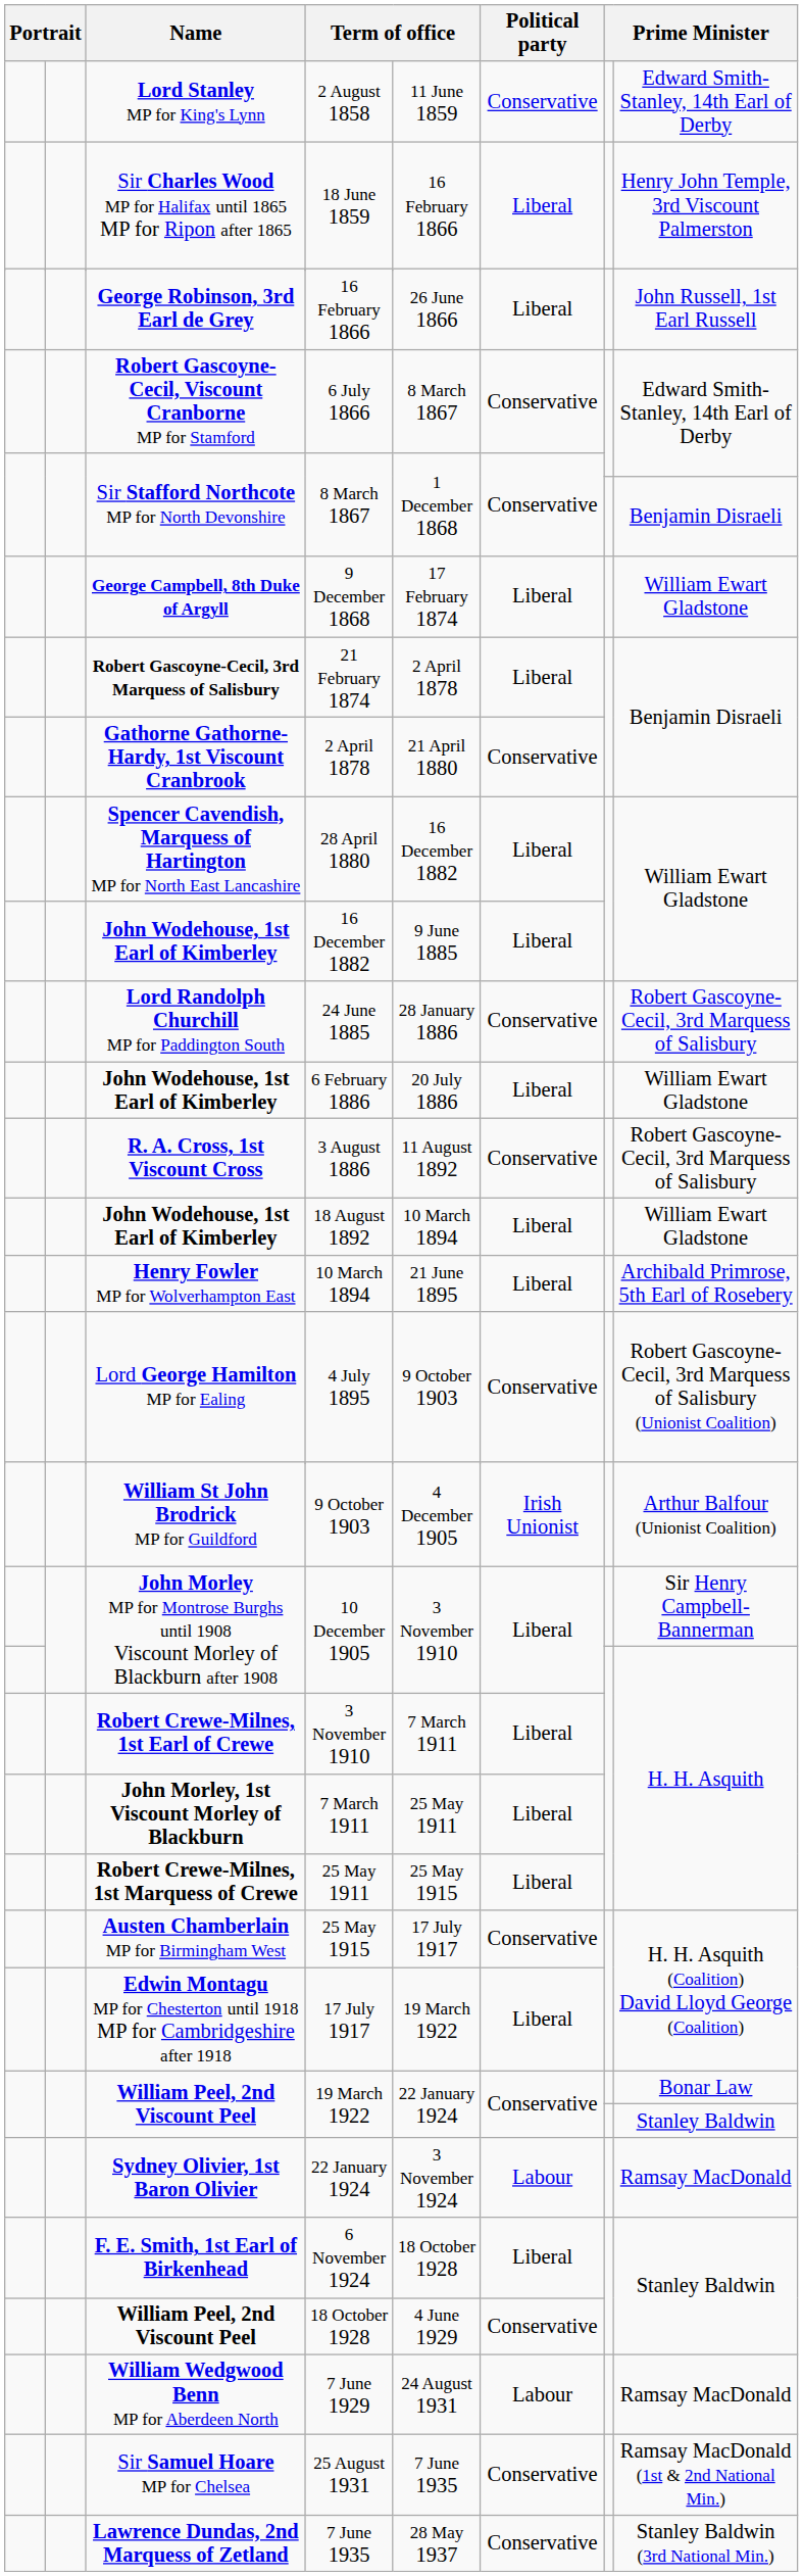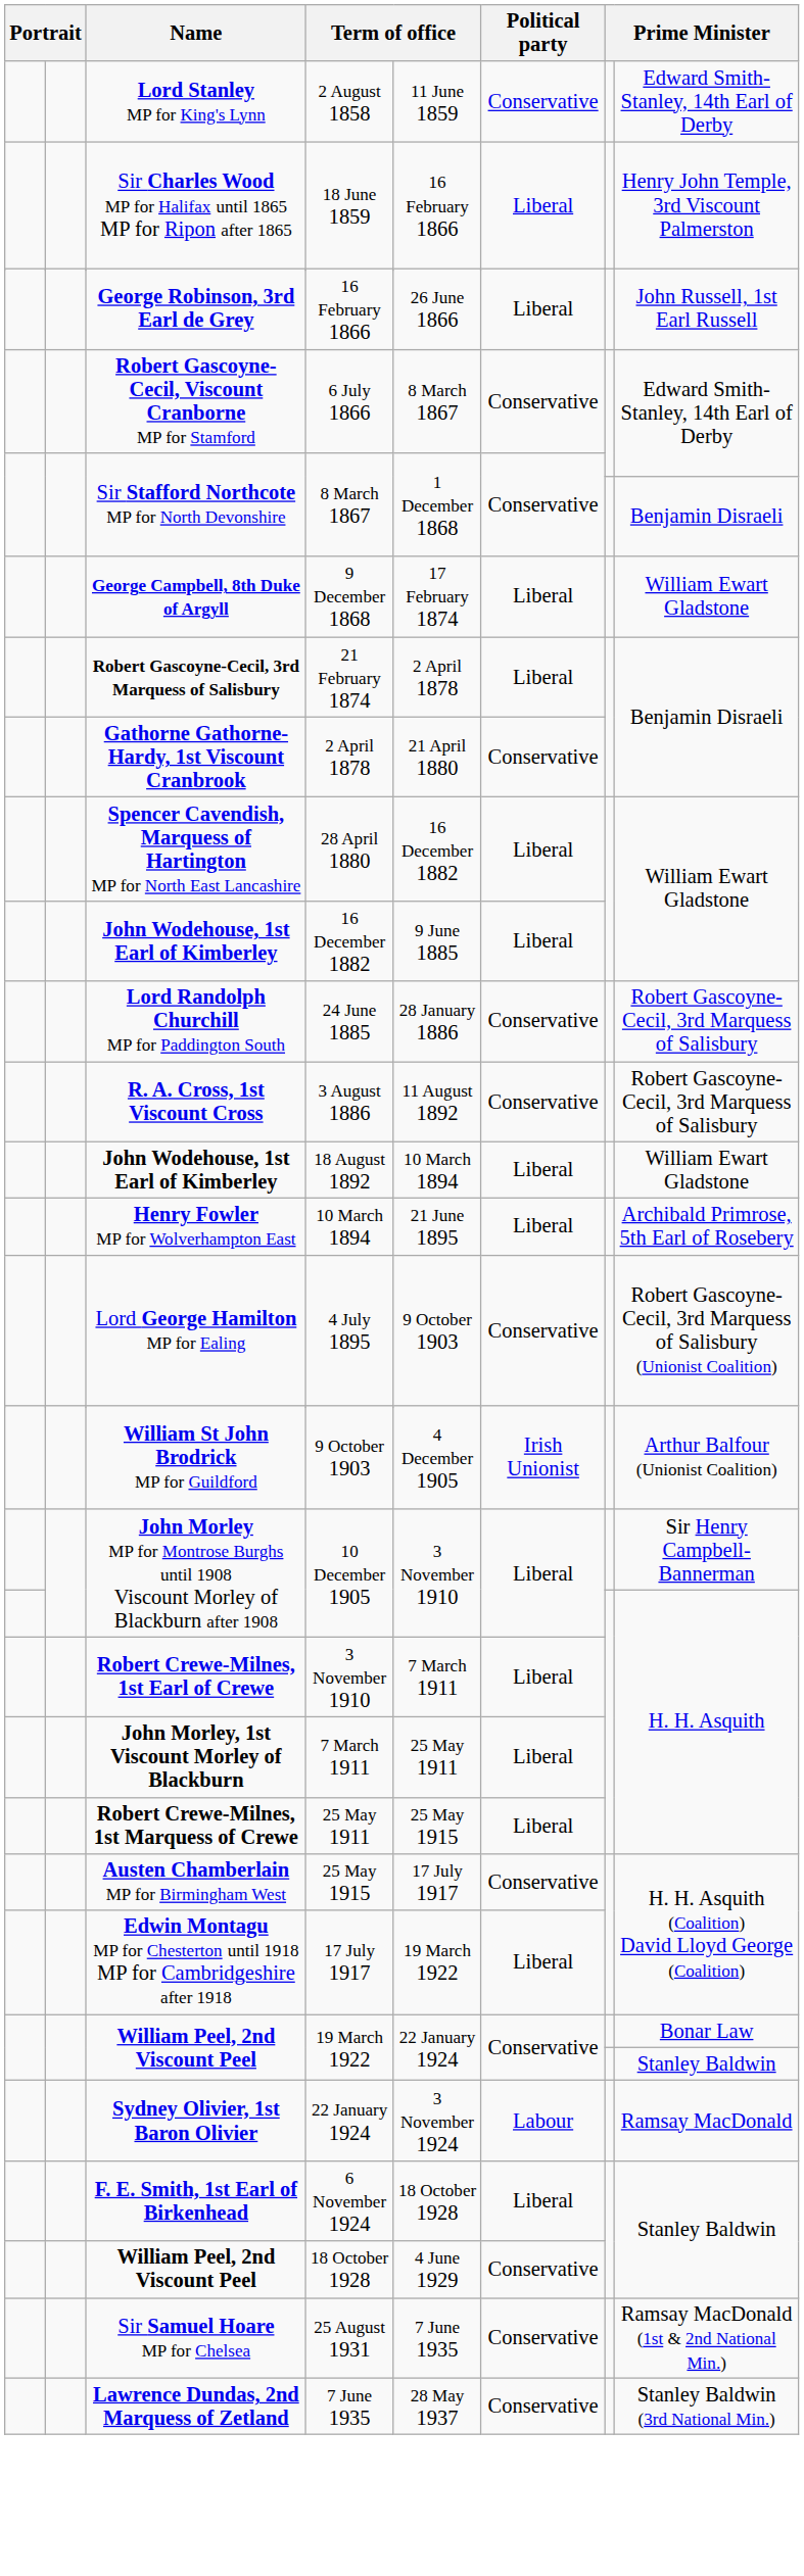 <table class="wikitable" style="text-align:center">
 <tr>
 <th colspan=2>Portrait</th>
 <th>Name</th>
 <th colspan=2>Term of office</th>
 <th>Political party</th>
 <th colspan=2>Prime Minister</th>
 </tr>
 <tr>
 <td style="background-color: "></td>
 <td></td>
 <td><a href='#'><strong>Lord Stanley</strong></a><br><small>MP for <a href='#'>King's Lynn</a></small></td>
 <td><small>2 August</small><br>1858</td>
 <td><small>11 June</small><br>1859</td>
 <td><a href='#'>Conservative</a></td>
 <td style="background-color: "></td>
 <td><a href='#'>Edward Smith-Stanley, 14th Earl of Derby</a></td>
 </tr>
 <tr>
 <td rowspan=2 style="background-color: "></td>
 <td rowspan=2></td>
 <td rowspan=2><a href='#'>Sir <strong>Charles Wood</strong></a><br><small>MP for <a href='#'>Halifax</a></small> <small>until 1865</small><br>MP for <a href='#'>Ripon</a> <small>after 1865</small></td>
 <td rowspan=2><small>18 June</small><br>1859</td>
 <td rowspan=2><small>16 February</small><br>1866</td>
 <td rowspan=2><a href='#'>Liberal</a></td>
 <td style="background-color: "></td>
 <td> <br><a href='#'>Henry John Temple, 3rd Viscount Palmerston</a><br> </td>
 </tr>
 <tr>
 <td rowspan=2 style="background-color: "></td>
 <td rowspan=2><a href='#'>John Russell, 1st Earl Russell</a></td>
 </tr>
 <tr>
 <td style="background-color: "></td>
 <td></td>
 <td><strong><a href='#'>George Robinson, 3rd Earl de Grey</a></strong></td>
 <td><small>16 February</small><br>1866</td>
 <td><small>26 June</small><br>1866</td>
 <td>Liberal</td>
 </tr>
 <tr>
 <td style="background-color: "></td>
 <td></td>
 <td><a href='#'><strong>Robert Gascoyne-Cecil, Viscount Cranborne</strong></a><br><small>MP for <a href='#'>Stamford</a></small></td>
 <td><small>6 July</small><br>1866</td>
 <td><small>8 March</small><br>1867</td>
 <td>Conservative</td>
 <td rowspan=2 style="background-color: "></td>
 <td rowspan=2> <br>Edward Smith-Stanley, 14th Earl of Derby<br> </td>
 </tr>
 <tr>
 <td rowspan=2 style="background-color: "></td>
 <td rowspan=2></td>
 <td rowspan=2><a href='#'>Sir <strong>Stafford Northcote</strong></a><br><small>MP for <a href='#'>North Devonshire</a></small></td>
 <td rowspan=2><small>8 March</small><br>1867</td>
 <td rowspan=2><small>1 December</small><br>1868</td>
 <td rowspan=2>Conservative</td>
 </tr>
 <tr>
 <td style="background-color: "></td>
 <td> <br><a href='#'>Benjamin Disraeli</a><br> </td>
 </tr>
 <tr>
 <td style="background-color: "></td>
 <td></td>
 <td><small><strong><a href='#'>George Campbell, 8th Duke of Argyll</a></strong></small></td>
 <td><small>9 December</small><br>1868</td>
 <td><small>17 February</small><br>1874</td>
 <td>Liberal</td>
 <td style="background-color: "></td>
 <td><a href='#'>William Ewart Gladstone</a></td>
 </tr>
 <tr>
 <td style="background-color: "></td>
 <td></td>
 <td><small><strong>Robert Gascoyne-Cecil, 3rd Marquess of Salisbury</strong></small></td>
 <td><small>21 February</small><br>1874</td>
 <td><small>2 April</small><br>1878</td>
 <td>Liberal</td>
 <td rowspan=2 style="background-color: "></td>
 <td rowspan=2>Benjamin Disraeli</td>
 </tr>
 <tr>
 <td style="background-color: "></td>
 <td></td>
 <td><a href='#'><strong>Gathorne Gathorne-Hardy, 1st Viscount Cranbrook</strong></a><br></td>
 <td><small>2 April</small><br>1878</td>
 <td><small>21 April</small><br>1880</td>
 <td>Conservative</td>
 </tr>
 <tr>
 <td style="background-color: "></td>
 <td></td>
 <td><a href='#'><strong>Spencer Cavendish, Marquess of Hartington</strong></a><br><small>MP for <a href='#'>North East Lancashire</a></small></td>
 <td><small>28 April</small><br>1880</td>
 <td><small>16 December</small><br>1882</td>
 <td>Liberal</td>
 <td rowspan=2 style="background-color: "></td>
 <td rowspan=2>William Ewart Gladstone</td>
 </tr>
 <tr>
 <td style="background-color: "></td>
 <td></td>
 <td><strong><a href='#'>John Wodehouse, 1st Earl of Kimberley</a></strong></td>
 <td><small>16 December</small><br>1882</td>
 <td><small>9 June</small><br>1885</td>
 <td>Liberal</td>
 </tr>
 <tr>
 <td style="background-color: "></td>
 <td></td>
 <td><strong><a href='#'>Lord Randolph Churchill</a></strong><br><small>MP for <a href='#'>Paddington South</a></small></td>
 <td><small>24 June</small><br>1885</td>
 <td><small>28 January</small><br>1886</td>
 <td>Conservative</td>
 <td style="background-color: "></td>
 <td><a href='#'>Robert Gascoyne-Cecil, 3rd Marquess of Salisbury</a></td>
-</tr>
-<tr>
-<td style="background-color: "></td>
-<td></td>
-<td><strong>John Wodehouse, 1st Earl of Kimberley</strong></td>
-<td><small>6 February</small><br>1886</td>
-<td><small>20 July</small><br>1886</td>
-<td>Liberal</td>
-<td style="background-color: "></td>
-<td>William Ewart Gladstone</td>
 </tr>
 <tr>
 <td style="background-color: "></td>
 <td></td>
 <td><strong><a href='#'>R. A. Cross, 1st Viscount Cross</a></strong></td>
 <td><small>3 August</small><br>1886</td>
 <td><small>11 August</small><br>1892</td>
 <td>Conservative</td>
 <td style="background-color: "></td>
 <td>Robert Gascoyne-Cecil, 3rd Marquess of Salisbury</td>
 </tr>
 <tr>
 <td style="background-color: "></td>
 <td></td>
 <td><strong>John Wodehouse, 1st Earl of Kimberley</strong></td>
 <td><small>18 August</small><br>1892</td>
 <td><small>10 March</small><br>1894</td>
 <td>Liberal</td>
 <td style="background-color: "></td>
 <td>William Ewart Gladstone</td>
 </tr>
 <tr>
 <td style="background-color: "></td>
 <td></td>
 <td><a href='#'><strong>Henry Fowler</strong></a><br><small>MP for <a href='#'>Wolverhampton East</a></small></td>
 <td><small>10 March</small><br>1894</td>
 <td><small>21 June</small><br>1895</td>
 <td>Liberal</td>
 <td style="background-color: "></td>
 <td><a href='#'>Archibald Primrose, 5th Earl of Rosebery</a></td>
 </tr>
 <tr>
 <td rowspan=2 style="background-color: "></td>
 <td rowspan=2></td>
 <td rowspan=2><a href='#'>Lord <strong>George Hamilton</strong></a><br><small>MP for <a href='#'>Ealing</a></small></td>
 <td rowspan=2><small>4 July</small><br>1895</td>
 <td rowspan=2><small>9 October</small><br>1903</td>
 <td rowspan=2>Conservative</td>
 <td style="background-color: "></td>
 <td> <br>Robert Gascoyne-Cecil, 3rd Marquess of Salisbury<br><small>(<a href='#'>Unionist Coalition</a>)</small><br> </td>
 </tr>
 <tr>
 <td rowspan=2 style="background-color: "></td>
 <td rowspan=2> <br><a href='#'>Arthur Balfour</a><br><small>(Unionist Coalition)</small><br> </td>
 </tr>
 <tr>
 <td style="background-color: "></td>
 <td></td>
 <td><a href='#'><strong>William St John Brodrick</strong></a><br><small>MP for <a href='#'>Guildford</a></small></td>
 <td><small>9 October</small><br>1903</td>
 <td><small>4 December</small><br>1905</td>
 <td><a href='#'>Irish Unionist</a></td>
 </tr>
 <tr>
 <td style="background-color: "></td>
 <td rowspan=2></td>
 <td rowspan=2><strong><a href='#'>John Morley</a></strong><br><small>MP for <a href='#'>Montrose Burghs</a></small> <small>until 1908</small><br>Viscount Morley of Blackburn <small>after 1908</small></td>
 <td rowspan=2><small>10 December</small><br>1905</td>
 <td rowspan=2><small>3 November</small><br>1910</td>
 <td rowspan=2>Liberal</td>
 <td style="background-color: "></td>
 <td>Sir <a href='#'>Henry Campbell-Bannerman</a></td>
 </tr>
 <tr>
 <td style="background-color: "></td>
 <td rowspan=4 style="background-color: "></td>
 <td rowspan=4><a href='#'>H. H. Asquith</a></td>
 </tr>
 <tr>
 <td style="background-color: "></td>
 <td></td>
 <td><a href='#'><strong>Robert Crewe-Milnes, 1st Earl of Crewe</strong></a></td>
 <td><small>3 November</small><br>1910</td>
 <td><small>7 March</small><br>1911</td>
 <td>Liberal</td>
 </tr>
 <tr>
 <td style="background-color: "></td>
 <td></td>
 <td><strong>John Morley, 1st Viscount Morley of Blackburn</strong></td>
 <td><small>7 March</small><br>1911</td>
 <td><small>25 May</small><br>1911</td>
 <td>Liberal</td>
 </tr>
 <tr>
 <td style="background-color: "></td>
 <td></td>
 <td><strong>Robert Crewe-Milnes, 1st Marquess of Crewe</strong></td>
 <td><small>25 May</small><br>1911</td>
 <td><small>25 May</small><br>1915</td>
 <td>Liberal</td>
 </tr>
 <tr>
 <td style="background-color: "></td>
 <td></td>
 <td><strong><a href='#'>Austen Chamberlain</a></strong><br><small>MP for <a href='#'>Birmingham West</a></small></td>
 <td><small>25 May</small><br>1915</td>
 <td><small>17 July</small><br>1917</td>
 <td>Conservative</td>
 <td rowspan=2 style="background-color: "></td>
 <td rowspan=2>H. H. Asquith<br><small>(<a href='#'>Coalition</a>)</small><br><a href='#'>David Lloyd George</a><br><small>(<a href='#'>Coalition</a>)</small></td>
 </tr>
 <tr>
 <td style="background-color: "></td>
 <td></td>
 <td><strong><a href='#'>Edwin Montagu</a></strong><br><small>MP for <a href='#'>Chesterton</a></small> <small>until 1918</small><br>MP for <a href='#'>Cambridgeshire</a> <small>after 1918</small></td>
 <td><small>17 July</small><br>1917</td>
 <td><small>19 March</small><br>1922</td>
 <td>Liberal</td>
 </tr>
 <tr>
 <td rowspan=2 style="background-color: "></td>
 <td rowspan=2></td>
 <td rowspan=2><strong><a href='#'>William Peel, 2nd Viscount Peel</a></strong></td>
 <td rowspan=2><small>19 March</small><br>1922</td>
 <td rowspan=2><small>22 January</small><br>1924</td>
 <td rowspan=2>Conservative</td>
 <td style="background-color: "></td>
 <td><a href='#'>Bonar Law</a></td>
 </tr>
 <tr>
 <td style="background-color: "></td>
 <td><a href='#'>Stanley Baldwin</a></td>
 </tr>
 <tr>
 <td style="background-color: "></td>
 <td></td>
 <td><strong><a href='#'>Sydney Olivier, 1st Baron Olivier</a></strong></td>
 <td><small>22 January</small><br>1924</td>
 <td><small>3 November</small><br>1924</td>
 <td><a href='#'>Labour</a></td>
 <td style="background-color: "></td>
 <td><a href='#'>Ramsay MacDonald</a></td>
 </tr>
 <tr>
 <td style="background-color: "></td>
 <td></td>
 <td><strong><a href='#'>F. E. Smith, 1st Earl of Birkenhead</a></strong></td>
 <td><small>6 November</small><br>1924</td>
 <td><small>18 October</small><br>1928</td>
 <td>Liberal</td>
 <td rowspan=2 style="background-color: "></td>
 <td rowspan=2>Stanley Baldwin</td>
 </tr>
 <tr>
 <td style="background-color: "></td>
 <td></td>
 <td><strong>William Peel, 2nd Viscount Peel</strong></td>
 <td><small>18 October</small><br>1928</td>
 <td><small>4 June</small><br>1929</td>
 <td>Conservative</td>
 </tr>
 <tr>
 <td style="background-color: "></td>
 <td></td>
-<td><a href='#'><strong>William Wedgwood Benn</strong></a><br><small>MP for <a href='#'>Aberdeen North</a></small></td>
-<td><small>7 June</small><br>1929</td>
-<td><small>24 August</small><br>1931</td>
-<td>Labour</td>
-<td style="background-color: "></td>
-<td>Ramsay MacDonald</td>
-</tr>
-<tr>
-<td style="background-color: "></td>
-<td></td>
 <td><a href='#'>Sir <strong>Samuel Hoare</strong></a><br><small>MP for <a href='#'>Chelsea</a></small></td>
 <td><small>25 August</small><br>1931</td>
 <td><small>7 June</small><br>1935</td>
 <td>Conservative</td>
 <td style="background-color: "></td>
 <td>Ramsay MacDonald<br><small>(<a href='#'>1st</a> & <a href='#'>2nd National Min.</a>)</small></td>
 </tr>
 <tr>
 <td style="background-color: "></td>
 <td></td>
 <td><strong><a href='#'>Lawrence Dundas, 2nd Marquess of Zetland</a></strong></td>
 <td><small>7 June</small><br>1935</td>
 <td><small>28 May</small><br>1937</td>
 <td>Conservative</td>
 <td style="background-color: "></td>
 <td>Stanley Baldwin<br><small>(<a href='#'>3rd National Min.</a>)</small></td>
 </tr>
 </table>
